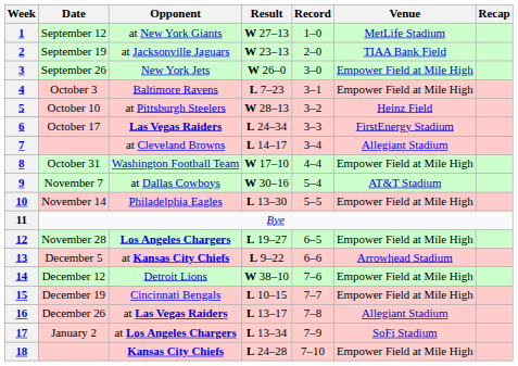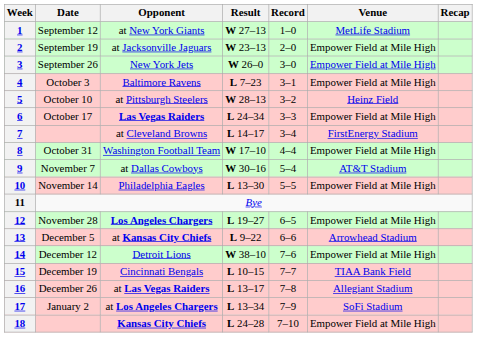 <table class="wikitable" style="text-align:center">
 <tr>
 <th>Week</th>
 <th>Date</th>
 <th>Opponent</th>
 <th>Result</th>
 <th>Record</th>
 <th>Venue</th>
 <th>Recap</th>
 </tr>
 <tr style="background:#cfc">
 <th><a href='#'>1</a></th>
 <td>September 12</td>
 <td>at <a href='#'>New York Giants</a></td>
 <td><strong>W</strong> 27–13</td>
 <td>1–0</td>
 <td><a href='#'>MetLife Stadium</a></td>
 <td></td>
 </tr>
 <tr style="background:#cfc">
 <th><a href='#'>2</a></th>
 <td>September 19</td>
 <td>at <a href='#'>Jacksonville Jaguars</a></td>
 <td><strong>W</strong> 23–13</td>
 <td>2–0</td>
-<td><a href='#'>TIAA Bank Field</a></td>
+<td>Empower Field at Mile High</td>
 <td></td>
 </tr>
 <tr style="background:#cfc">
 <th><a href='#'>3</a></th>
 <td>September 26</td>
 <td><a href='#'>New York Jets</a></td>
 <td><strong>W</strong> 26–0</td>
 <td>3–0</td>
 <td><a href='#'>Empower Field at Mile High</a></td>
 <td></td>
 </tr>
 <tr style="background:#fcc">
 <th><a href='#'>4</a></th>
 <td>October 3</td>
 <td><a href='#'>Baltimore Ravens</a></td>
 <td><strong>L</strong> 7–23</td>
 <td>3–1</td>
 <td>Empower Field at Mile High</td>
 <td></td>
 </tr>
 <tr style="background:#fcc">
 <th><a href='#'>5</a></th>
 <td>October 10</td>
 <td>at <a href='#'>Pittsburgh Steelers</a></td>
 <td><strong>W</strong> 28–13</td>
 <td>3–2</td>
 <td><a href='#'>Heinz Field</a></td>
 <td></td>
 </tr>
 <tr style="background:#fcc">
 <th><a href='#'>6</a></th>
 <td>October 17</td>
 <td><strong><a href='#'>Las Vegas Raiders</a></strong></td>
 <td><strong>L</strong> 24–34</td>
 <td>3–3</td>
-<td><a href='#'>FirstEnergy Stadium</a></td>
+<td>Empower Field at Mile High</td>
 <td></td>
 </tr>
 <tr style="background:#fcc">
 <th><a href='#'>7</a></th>
 <td></td>
 <td>at <a href='#'>Cleveland Browns</a></td>
 <td><strong>L</strong> 14–17</td>
 <td>3–4</td>
-<td><a href='#'>Allegiant Stadium</a></td>
+<td><a href='#'>FirstEnergy Stadium</a></td>
 <td></td>
 </tr>
 <tr style="background:#cfc">
 <th><a href='#'>8</a></th>
 <td>October 31</td>
 <td><a href='#'>Washington Football Team</a></td>
 <td><strong>W</strong> 17–10</td>
 <td>4–4</td>
 <td>Empower Field at Mile High</td>
 <td></td>
 </tr>
 <tr style="background:#cfc">
 <th><a href='#'>9</a></th>
 <td>November 7</td>
 <td>at <a href='#'>Dallas Cowboys</a></td>
 <td><strong>W</strong> 30–16</td>
 <td>5–4</td>
 <td><a href='#'>AT&T Stadium</a></td>
 <td></td>
 </tr>
 <tr style="background:#fcc">
 <th><a href='#'>10</a></th>
 <td>November 14</td>
 <td><a href='#'>Philadelphia Eagles</a></td>
 <td><strong>L</strong> 13–30</td>
 <td>5–5</td>
 <td>Empower Field at Mile High</td>
 <td></td>
 </tr>
 <tr>
 <th>11</th>
 <td colspan="6"><em><a href='#'>Bye</a></em></td>
 </tr>
 <tr style="background:#cfc">
 <th><a href='#'>12</a></th>
 <td>November 28</td>
 <td><strong><a href='#'>Los Angeles Chargers</a></strong></td>
 <td><strong>L</strong> 19–27</td>
 <td>6–5</td>
 <td>Empower Field at Mile High</td>
 <td></td>
 </tr>
 <tr style="background:#fcc">
 <th><a href='#'>13</a></th>
 <td>December 5</td>
 <td>at <strong><a href='#'>Kansas City Chiefs</a></strong></td>
 <td><strong>L</strong> 9–22</td>
 <td>6–6</td>
 <td><a href='#'>Arrowhead Stadium</a></td>
 <td></td>
 </tr>
 <tr style="background:#cfc">
 <th><a href='#'>14</a></th>
 <td>December 12</td>
 <td><a href='#'>Detroit Lions</a></td>
 <td><strong>W</strong> 38–10</td>
 <td>7–6</td>
 <td>Empower Field at Mile High</td>
 <td></td>
 </tr>
 <tr style="background:#fcc">
 <th><a href='#'>15</a></th>
 <td>December 19</td>
 <td><a href='#'>Cincinnati Bengals</a></td>
 <td><strong>L</strong> 10–15</td>
 <td>7–7</td>
-<td>Empower Field at Mile High</td>
+<td><a href='#'>TIAA Bank Field</a></td>
 <td></td>
 </tr>
 <tr style="background:#fcc">
 <th><a href='#'>16</a></th>
 <td>December 26</td>
 <td>at <strong><a href='#'>Las Vegas Raiders</a></strong></td>
 <td><strong>L</strong> 13–17</td>
 <td>7–8</td>
 <td><a href='#'>Allegiant Stadium</a></td>
 <td></td>
 </tr>
 <tr style="background:#fcc">
 <th><a href='#'>17</a></th>
 <td>January 2</td>
 <td>at <strong><a href='#'>Los Angeles Chargers</a></strong></td>
 <td><strong>L</strong> 13–34</td>
 <td>7–9</td>
 <td><a href='#'>SoFi Stadium</a></td>
 <td></td>
 </tr>
 <tr style="background:#fcc">
 <th><a href='#'>18</a></th>
 <td></td>
 <td><strong><a href='#'>Kansas City Chiefs</a></strong></td>
 <td><strong>L</strong> 24–28</td>
 <td>7–10</td>
 <td>Empower Field at Mile High</td>
 <td></td>
 </tr>
 </table>
